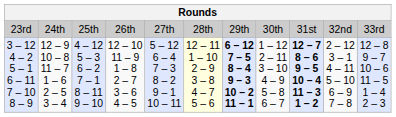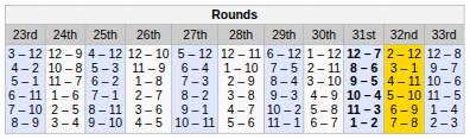 <table class="wikitable">
 <tr>
 <th colspan="11">Rounds</th>
 </tr>
 <tr>
 <td align="center" bgcolor="#CCCCCC">23rd</td>
 <td align="center" bgcolor="#CCCCCC">24th</td>
 <td align="center" bgcolor="#CCCCCC">25th</td>
 <td align="center" bgcolor="#CCCCCC">26th</td>
 <td align="center" bgcolor="#CCCCCC">27th</td>
 <td align="center" bgcolor="#CCCCCC">28th</td>
 <td align="center" bgcolor="#CCCCCC">29th</td>
 <td align="center" bgcolor="#CCCCCC">30th</td>
 <td align="center" bgcolor="#CCCCCC">31st</td>
 <td align="center" bgcolor="#CCCCCC">32nd</td>
 <td align="center" bgcolor="#CCCCCC">33rd</td>
 </tr>
 <tr>
 <td align="center" bgcolor="#DFE7FF">3 – 12<br>4 – 2<br>5 – 1<br>6 – 11<br>7 – 10<br>8 – 9</td>
 <td align="center">12 – 9<br>10 – 8<br>11 – 7<br>1 – 6<br>2 – 5<br>3 – 4</td>
 <td align="center" bgcolor="#DFE7FF">4 – 12<br>5 – 3<br>6 – 2<br>7 – 1<br>8 – 11<br>9 – 10</td>
 <td align="center">12 – 10<br>11 – 9<br>1 – 8<br>2 – 7<br>3 – 6<br>4 – 5</td>
 <td align="center" bgcolor="#DFE7FF">5 – 12<br>6 – 4<br>7 – 3<br>8 – 2<br>9 – 1<br>10 – 11</td>
-<td align="center" style="background: lightyellow;">12 – 11<br>1 – 10<br>2 – 9<br>3 – 8<br>4 – 7<br>5 – 6</td>
-<td align="center" bgcolor="#DFE7FF"><strong>6 – 12<br>7 – 5<br>8 – 4<br>9 – 3<br>10 – 2<br>11 – 1</strong></td>
+<td align="center">12 – 11<br>1 – 10<br>2 – 9<br>3 – 8<br>4 – 7<br>5 – 6</td>
+<td align="center" bgcolor="#DFE7FF">6 – 12<br>7 – 5<br>8 – 4<br>9 – 3<br>10 – 2<br>11 – 1</td>
 <td align="center">1 – 12<br>2 – 11<br>3 – 10<br>4 – 9<br>5 – 8<br>6 – 7</td>
 <td align="center" bgcolor="#DFE7FF"><strong>12 – 7<br>8 – 6<br>9 – 5<br>10 – 4<br>11 – 3<br>1 – 2</strong></td>
-<td align="center">2 – 12<br>3 – 1<br>4 – 11<br>5 – 10<br>6 – 9<br>7 – 8</td>
+<td align="center" style="background: gold;">2 – 12<br>3 – 1<br>4 – 11<br>5 – 10<br>6 – 9<br>7 – 8</td>
 <td align="center" bgcolor="#DFE7FF">12 – 8<br>9 – 7<br>10 – 6<br>11 – 5<br>1 – 4<br>2 – 3</td>
 </tr>
 </table>
